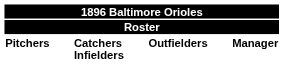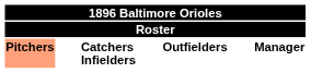 <table class="toccolours" style="font-size: 95%;">
 <tr>
 <th colspan="10" style="background-color: black; color: white; text-align: center;">1896 Baltimore Orioles</th>
 </tr>
 <tr>
 <td colspan="10" style="background-color: black; color: white; text-align: center;"><strong>Roster</strong></td>
 </tr>
 <tr>
-<td valign="top"><strong>Pitchers</strong><br>        </td>
+<td valign="top" style="background: lightsalmon;"><strong>Pitchers</strong><br>        </td>
 <td width="25px"></td>
 <td valign="top"><strong>Catchers</strong><br>   <strong>Infielders</strong>       </td>
 <td width="25px"></td>
 <td valign="top"><strong>Outfielders</strong><br>  </td>
 <td width="25px"></td>
 <td valign="top"><strong>Manager</strong><br></td>
 </tr>
 </table>
